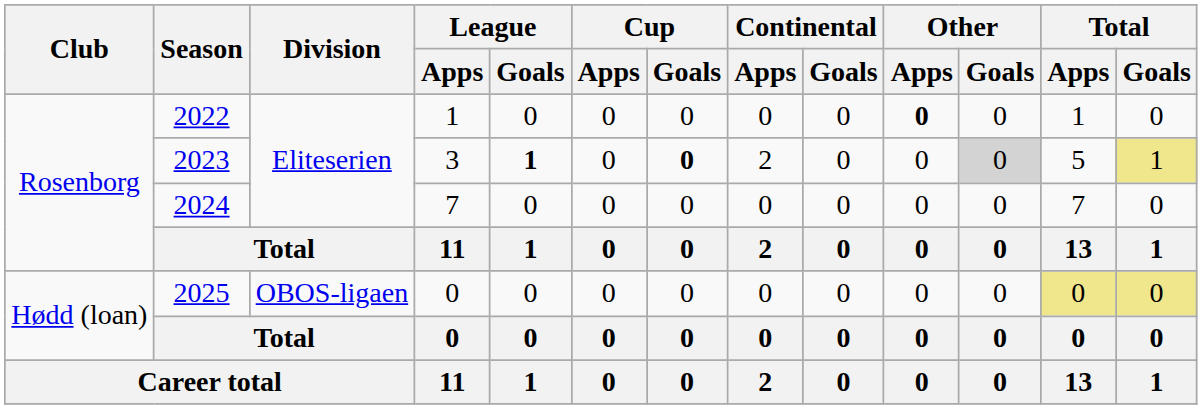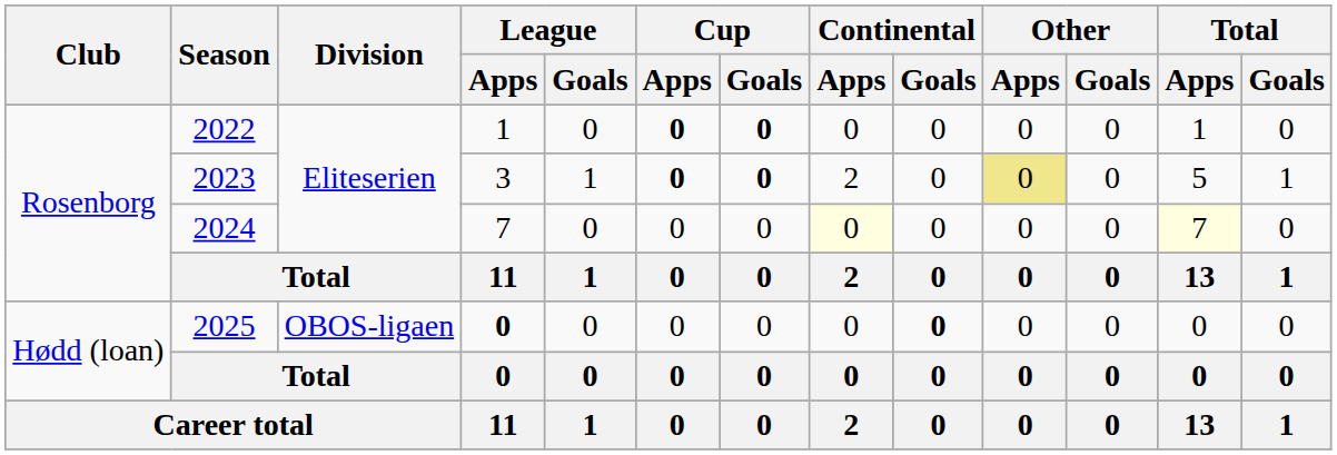 <table class="wikitable" style="text-align: center;">
 <tr>
 <th rowspan="2">Club</th>
 <th rowspan="2">Season</th>
 <th rowspan="2">Division</th>
 <th colspan="2">League</th>
 <th colspan="2">Cup</th>
 <th colspan="2">Continental</th>
 <th colspan="2">Other</th>
 <th colspan="2">Total</th>
 </tr>
 <tr>
 <th>Apps</th>
 <th>Goals</th>
 <th>Apps</th>
 <th>Goals</th>
 <th>Apps</th>
 <th>Goals</th>
 <th>Apps</th>
 <th>Goals</th>
 <th>Apps</th>
 <th>Goals</th>
 </tr>
 <tr>
 <td rowspan="4" valign="center"><a href='#'>Rosenborg</a></td>
 <td><a href='#'>2022</a></td>
 <td rowspan="3"><a href='#'>Eliteserien</a></td>
 <td>1</td>
 <td>0</td>
+<td><strong>0</strong></td>
+<td><strong>0</strong></td>
 <td>0</td>
 <td>0</td>
 <td>0</td>
-<td>0</td>
-<td><strong>0</strong></td>
 <td>0</td>
 <td>1</td>
 <td>0</td>
 </tr>
 <tr>
 <td><a href='#'>2023</a></td>
 <td>3</td>
-<td><strong>1</strong></td>
-<td>0</td>
+<td>1</td>
+<td><strong>0</strong></td>
 <td><strong>0</strong></td>
 <td>2</td>
 <td>0</td>
+<td style="background: khaki;">0</td>
 <td>0</td>
-<td style="background: lightgrey;">0</td>
 <td>5</td>
-<td style="background: khaki;">1</td>
+<td>1</td>
 </tr>
 <tr>
 <td><a href='#'>2024</a></td>
 <td>7</td>
 <td>0</td>
 <td>0</td>
 <td>0</td>
+<td style="background: lightyellow;">0</td>
 <td>0</td>
 <td>0</td>
 <td>0</td>
-<td>0</td>
-<td>7</td>
+<td style="background: lightyellow;">7</td>
 <td>0</td>
 </tr>
 <tr>
 <th colspan=2>Total</th>
 <th>11</th>
 <th>1</th>
 <th>0</th>
 <th>0</th>
 <th>2</th>
 <th>0</th>
 <th>0</th>
 <th>0</th>
 <th>13</th>
 <th>1</th>
 </tr>
 <tr>
 <td rowspan="2" valign="center"><a href='#'>Hødd</a> (loan)</td>
 <td><a href='#'>2025</a></td>
 <td rowspan="1"><a href='#'>OBOS-ligaen</a></td>
+<td><strong>0</strong></td>
 <td>0</td>
 <td>0</td>
 <td>0</td>
 <td>0</td>
+<td><strong>0</strong></td>
 <td>0</td>
 <td>0</td>
 <td>0</td>
 <td>0</td>
-<td style="background: khaki;">0</td>
-<td style="background: khaki;">0</td>
 </tr>
 <tr>
 <th colspan=2>Total</th>
 <th>0</th>
 <th>0</th>
 <th>0</th>
 <th>0</th>
 <th>0</th>
 <th>0</th>
 <th>0</th>
 <th>0</th>
 <th>0</th>
 <th>0</th>
 </tr>
 <tr>
 <th colspan="3">Career total</th>
 <th>11</th>
 <th>1</th>
 <th>0</th>
 <th>0</th>
 <th>2</th>
 <th>0</th>
 <th>0</th>
 <th>0</th>
 <th>13</th>
 <th>1</th>
 </tr>
 </table>
